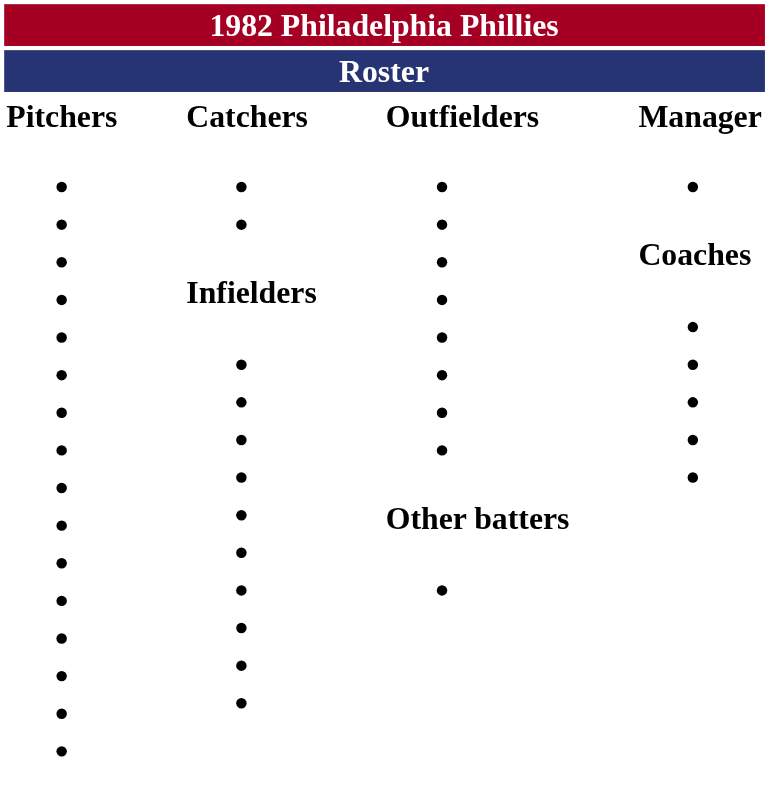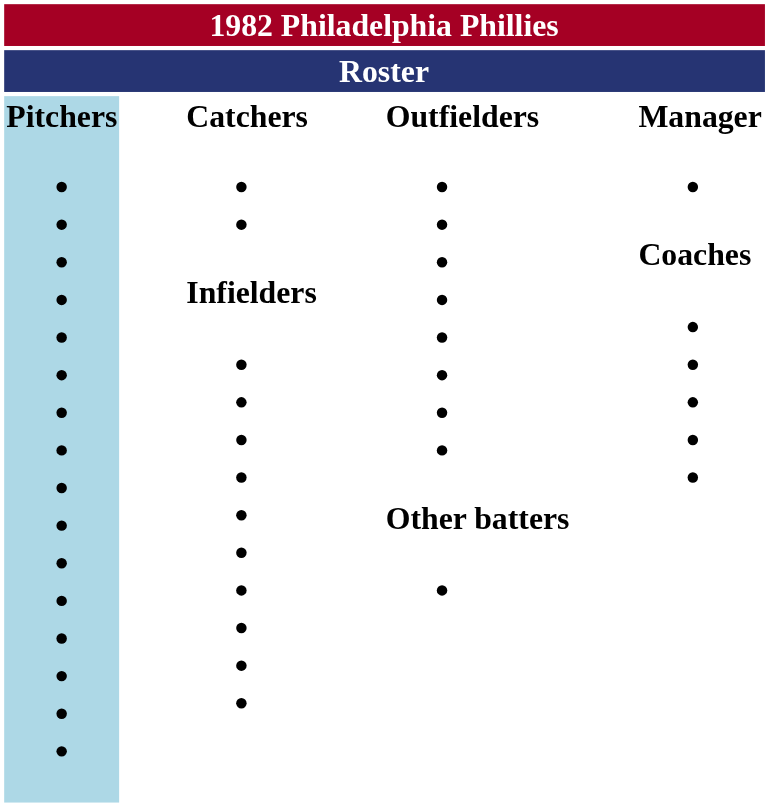 <table class="toccolours" style="font-size: 95%;">
 <tr>
 <th colspan="10" style="background-color: #A50024; color: #FFFFFF; text-align: center;">1982 Philadelphia Phillies</th>
 </tr>
 <tr>
 <td colspan="10" style="background-color: #263473; color: white; text-align: center;"><strong>Roster</strong></td>
 </tr>
 <tr>
-<td valign="top"><strong>Pitchers</strong><br><ul><li></li><li></li><li></li><li></li><li></li><li></li><li></li><li></li><li></li><li></li><li></li><li></li><li></li><li></li><li></li><li></li></ul></td>
+<td valign="top" style="background: lightblue;"><strong>Pitchers</strong><br><ul><li></li><li></li><li></li><li></li><li></li><li></li><li></li><li></li><li></li><li></li><li></li><li></li><li></li><li></li><li></li><li></li></ul></td>
 <td width="25px"></td>
 <td valign="top"><strong>Catchers</strong><br><ul><li></li><li></li></ul><strong>Infielders</strong><ul><li></li><li></li><li></li><li></li><li></li><li></li><li></li><li></li><li></li><li></li></ul></td>
 <td width="25px"></td>
 <td valign="top"><strong>Outfielders</strong><br><ul><li></li><li></li><li></li><li></li><li></li><li></li><li></li><li></li></ul><strong>Other batters</strong><ul><li></li></ul></td>
 <td width="25px"></td>
 <td valign="top"><strong>Manager</strong><br><ul><li></li></ul><strong>Coaches</strong><ul><li></li><li></li><li></li><li></li><li></li></ul></td>
 </tr>
 <tr>
 </tr>
 </table>
